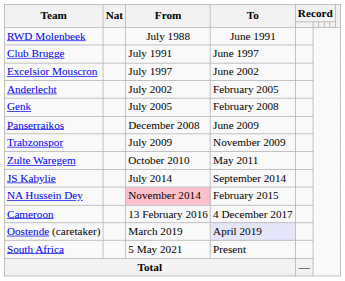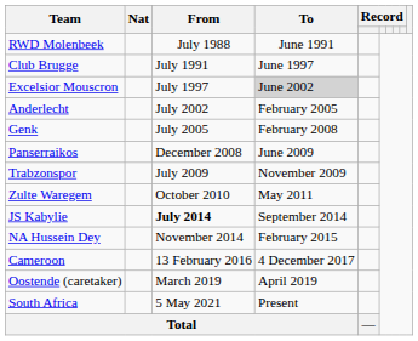 <table class="wikitable" style="text-align: center">
 <tr>
 <th rowspan="2">Team</th>
 <th rowspan="2">Nat</th>
 <th rowspan="2">From</th>
 <th rowspan="2">To</th>
 <th colspan="5">Record</th>
 <th rowspan="2"></th>
 </tr>
 <tr>
 <th></th>
 <th></th>
 <th></th>
 <th></th>
 <th></th>
 </tr>
 <tr>
 <td align="left"><a href='#'>RWD Molenbeek</a></td>
 <td></td>
 <td>July 1988</td>
 <td>June 1991<br></td>
 <td></td>
 </tr>
 <tr>
 <td align="left"><a href='#'>Club Brugge</a></td>
 <td></td>
 <td align=left>July 1991</td>
 <td align=left>June 1997<br></td>
 <td></td>
 </tr>
 <tr>
 <td align="left"><a href='#'>Excelsior Mouscron</a></td>
 <td></td>
 <td align=left>July 1997</td>
-<td align=left>June 2002<br></td>
+<td align=left style="background: lightgrey;">June 2002<br></td>
 <td></td>
 </tr>
 <tr>
 <td align="left"><a href='#'>Anderlecht</a></td>
 <td></td>
 <td align=left>July 2002</td>
 <td align=left>February 2005<br></td>
 <td></td>
 </tr>
 <tr>
 <td align="left"><a href='#'>Genk</a></td>
 <td></td>
 <td align=left>July 2005</td>
 <td align=left>February 2008<br></td>
 <td></td>
 </tr>
 <tr>
 <td align="left"><a href='#'>Panserraikos</a></td>
 <td></td>
 <td align=left>December 2008</td>
 <td align=left>June 2009<br></td>
 <td></td>
 </tr>
 <tr>
 <td align="left"><a href='#'>Trabzonspor</a></td>
 <td></td>
 <td align=left>July 2009</td>
 <td align=left>November 2009<br></td>
 <td></td>
 </tr>
 <tr>
 <td align="left"><a href='#'>Zulte Waregem</a></td>
 <td></td>
 <td align=left>October 2010</td>
 <td align=left>May 2011<br></td>
 <td></td>
 </tr>
 <tr>
 <td align="left"><a href='#'>JS Kabylie</a></td>
 <td></td>
-<td align=left>July 2014</td>
+<td align=left><strong>July 2014</strong></td>
 <td align=left>September 2014<br></td>
 <td></td>
 </tr>
 <tr>
 <td align="left"><a href='#'>NA Hussein Dey</a></td>
 <td></td>
-<td align=left style="background: pink;">November 2014</td>
+<td align=left>November 2014</td>
 <td align=left>February 2015<br></td>
 <td></td>
 </tr>
 <tr>
 <td align="left"><a href='#'>Cameroon</a></td>
 <td></td>
 <td align=left>13 February 2016</td>
 <td align=left>4 December 2017<br></td>
 <td></td>
 </tr>
 <tr>
 <td align="left"><a href='#'>Oostende</a> (caretaker)</td>
 <td></td>
 <td align=left>March 2019</td>
-<td align=left style="background: lavender;">April 2019<br></td>
+<td align=left>April 2019<br></td>
 <td></td>
 </tr>
 <tr>
 <td align="left"><a href='#'>South Africa</a></td>
 <td></td>
 <td align=left>5 May 2021</td>
 <td align=left>Present<br></td>
 <td></td>
 </tr>
 <tr>
 <th colspan=4>Total<br></th>
 <th>—</th>
 </tr>
 </table>
